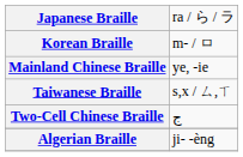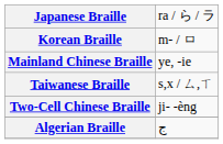 <table class="wikitable">
 <tr>
 <th align=left><a href='#'>Japanese Braille</a></th>
 <td>ra / ら / ラ </td>
 </tr>
 <tr>
 <th align=left><a href='#'>Korean Braille</a></th>
 <td>m- / ㅁ </td>
 </tr>
 <tr>
 <th align=left><a href='#'>Mainland Chinese Braille</a></th>
 <td>ye, -ie </td>
 </tr>
 <tr>
 <th align=left><a href='#'>Taiwanese Braille</a></th>
 <td>s,x / ㄙ,ㄒ</td>
 </tr>
 <tr>
 <th align=left><a href='#'>Two-Cell Chinese Braille</a></th>
-<td>ج ‎</td>
+<td>ji- -èng</td>
 </tr>
 <tr>
 </tr>
 <tr>
 </tr>
 <tr>
 <th align=left><a href='#'>Algerian Braille</a></th>
-<td>ji- -èng</td>
+<td>ج ‎</td>
 </tr>
 <tr>
 </tr>
 </table>
